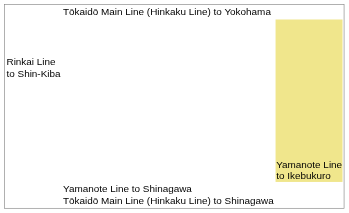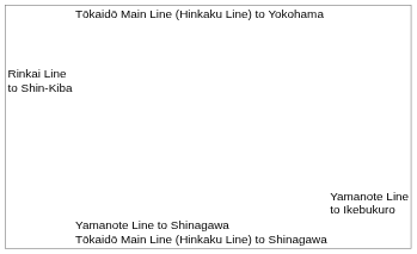 <table style="border:1px solid grey;">
 <tr>
 <td></td>
 <td>Tōkaidō Main Line (Hinkaku Line) to Yokohama</td>
 </tr>
 <tr>
 <td valign=top style="padding-top:60px">Rinkai Line<br>to Shin-Kiba</td>
 <td></td>
-<td valign=top style="background: khaki; padding-top:225px">Yamanote Line<br>to Ikebukuro</td>
+<td valign=top style="padding-top:225px">Yamanote Line<br>to Ikebukuro</td>
 </tr>
 <tr>
 <td></td>
 <td>Yamanote Line to Shinagawa<br>Tōkaidō Main Line (Hinkaku Line) to Shinagawa</td>
 </tr>
 </table>
